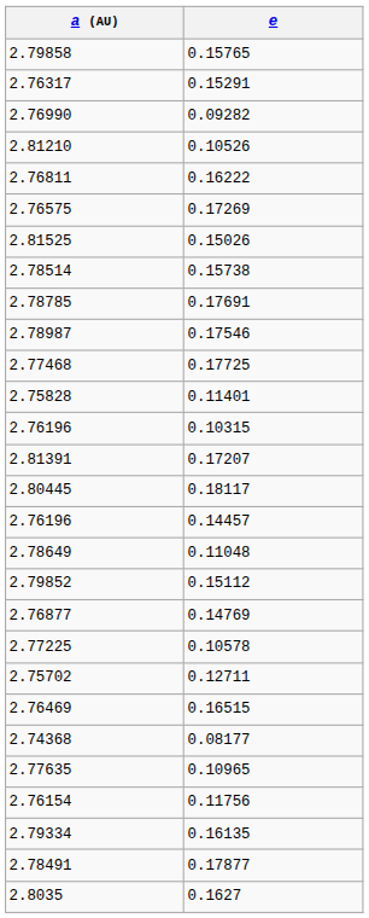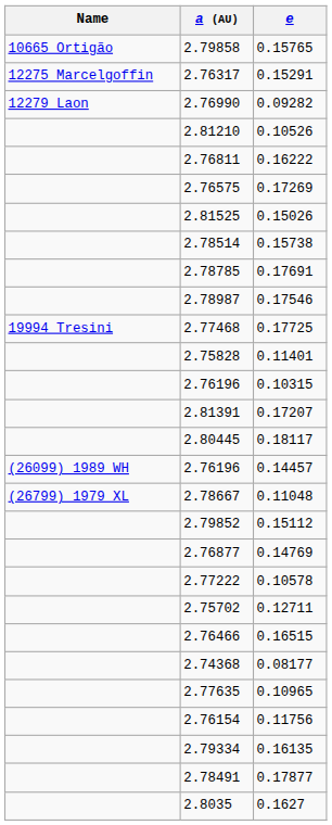 <table class="wikitable" style="font-size: 89%; float: left; width: 24em; margin-right: 1em; line-height: 1.6em !important;">
 <tr>
+<th>Name</th>
 <th><em><a href='#'>a</a></em> <small>(AU)</small></th>
 <th><em><a href='#'>e</a></em></th>
 </tr>
 <tr>
+<td><a href='#'>10665 Ortigão</a></td>
 <td>2.79858</td>
 <td>0.15765</td>
 </tr>
 <tr>
+<td><a href='#'>12275 Marcelgoffin</a></td>
 <td>2.76317</td>
 <td>0.15291</td>
 </tr>
 <tr>
+<td><a href='#'>12279 Laon</a></td>
 <td>2.76990</td>
 <td>0.09282</td>
 </tr>
 <tr>
+<td></td>
 <td>2.81210</td>
 <td>0.10526</td>
 </tr>
 <tr>
+<td></td>
 <td>2.76811</td>
 <td>0.16222</td>
 </tr>
 <tr>
+<td></td>
 <td>2.76575</td>
 <td>0.17269</td>
 </tr>
 <tr>
+<td></td>
 <td>2.81525</td>
 <td>0.15026</td>
 </tr>
 <tr>
+<td></td>
 <td>2.78514</td>
 <td>0.15738</td>
 </tr>
 <tr>
+<td></td>
 <td>2.78785</td>
 <td>0.17691</td>
 </tr>
 <tr>
+<td></td>
 <td>2.78987</td>
 <td>0.17546</td>
 </tr>
 <tr>
+<td><a href='#'>19994 Tresini</a></td>
 <td>2.77468</td>
 <td>0.17725</td>
 </tr>
 <tr>
+<td></td>
 <td>2.75828</td>
 <td>0.11401</td>
 </tr>
 <tr>
+<td></td>
 <td>2.76196</td>
 <td>0.10315</td>
 </tr>
 <tr>
+<td></td>
 <td>2.81391</td>
 <td>0.17207</td>
 </tr>
 <tr>
+<td></td>
 <td>2.80445</td>
 <td>0.18117</td>
 </tr>
 <tr>
+<td><a href='#'>(26099) 1989 WH</a></td>
 <td>2.76196</td>
 <td>0.14457</td>
 </tr>
 <tr>
-<td>2.78649</td>
+<td><a href='#'>(26799) 1979 XL</a></td>
+<td>2.78667</td>
 <td>0.11048</td>
 </tr>
 <tr>
+<td></td>
 <td>2.79852</td>
 <td>0.15112</td>
 </tr>
 <tr>
+<td></td>
 <td>2.76877</td>
 <td>0.14769</td>
 </tr>
 <tr>
-<td>2.77225</td>
+<td></td>
+<td>2.77222</td>
 <td>0.10578</td>
 </tr>
 <tr>
+<td></td>
 <td>2.75702</td>
 <td>0.12711</td>
 </tr>
 <tr>
-<td>2.76469</td>
+<td></td>
+<td>2.76466</td>
 <td>0.16515</td>
 </tr>
 <tr>
+<td></td>
 <td>2.74368</td>
 <td>0.08177</td>
 </tr>
 <tr>
+<td></td>
 <td>2.77635</td>
 <td>0.10965</td>
 </tr>
 <tr>
+<td></td>
 <td>2.76154</td>
 <td>0.11756</td>
 </tr>
 <tr>
+<td></td>
 <td>2.79334</td>
 <td>0.16135</td>
 </tr>
 <tr>
+<td></td>
 <td>2.78491</td>
 <td>0.17877</td>
 </tr>
 <tr>
+<td></td>
 <td>2.8035</td>
 <td>0.1627</td>
 </tr>
 </table>
